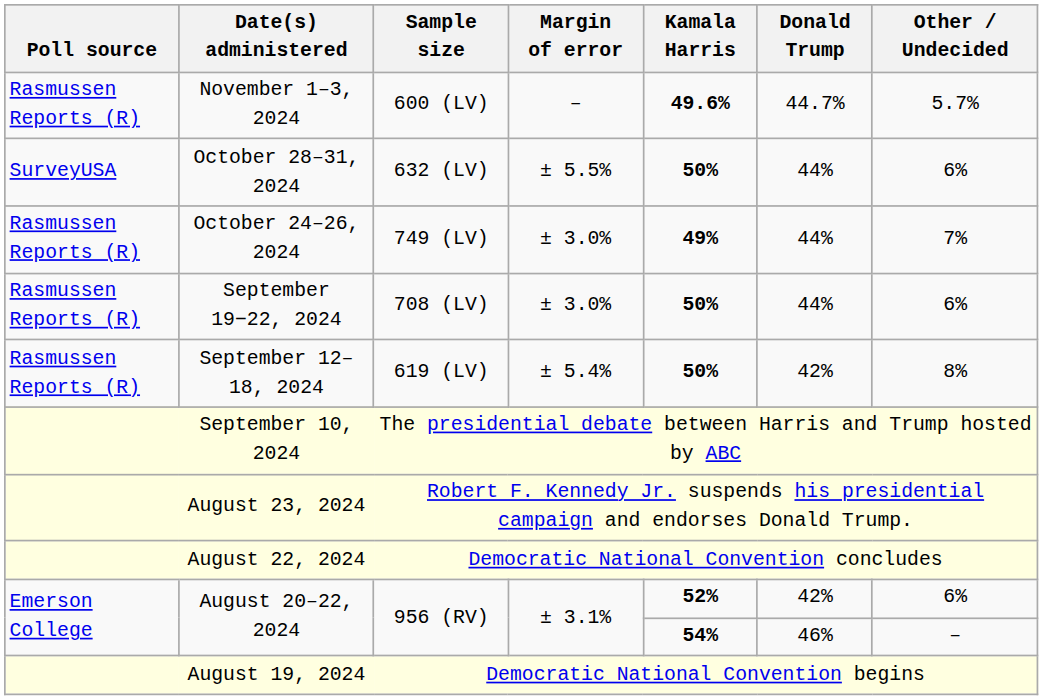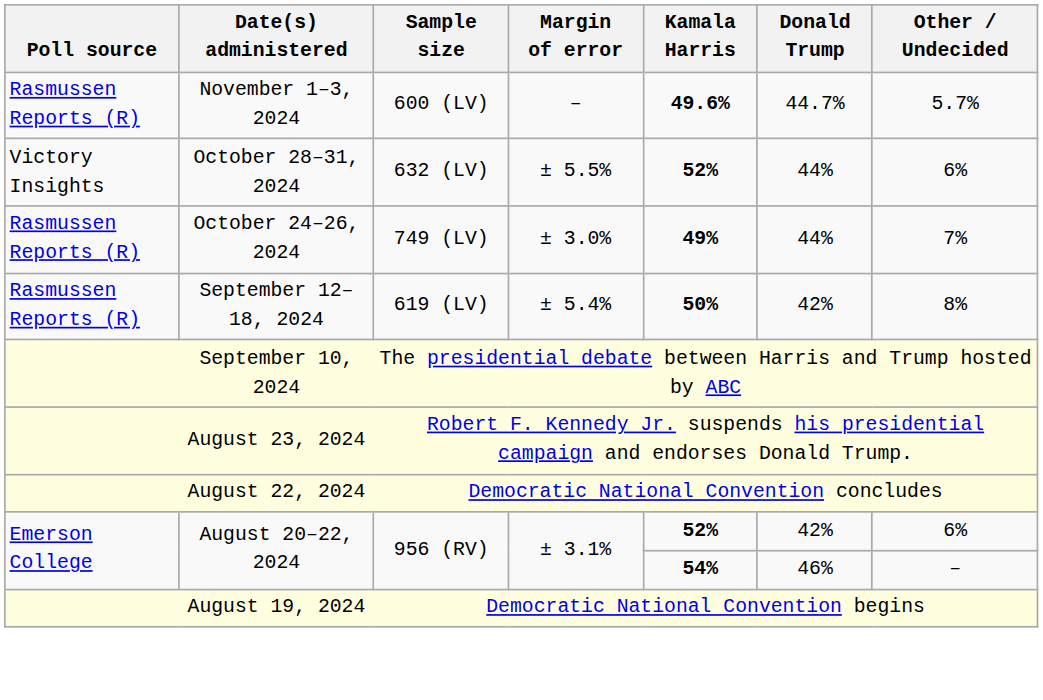 <table class="wikitable sortable mw-datatable" style="font-size:90%;text-align:center;line-height:17px">
 <tr valign=bottom>
 <th>Poll source</th>
 <th>Date(s)<br>administered</th>
 <th>Sample<br>size</th>
 <th>Margin<br>of error</th>
 <th class="unsortable">Kamala<br>Harris<br></th>
 <th class="unsortable">Donald<br>Trump<br></th>
 <th class="unsortable">Other /<br>Undecided</th>
 </tr>
 <tr>
 <td style="text-align:left;"><a href='#'>Rasmussen Reports (R)</a></td>
 <td data-sort-value="2024-10-31">November 1–3, 2024</td>
 <td>600 (LV)</td>
 <td>–</td>
 <td style="color:black;background-color:"><strong>49.6%</strong></td>
 <td>44.7%</td>
 <td>5.7%</td>
 </tr>
 <tr>
-<td style="text-align:left;"><a href='#'>SurveyUSA</a></td>
+<td style="text-align:left;">Victory Insights</td>
 <td data-sort-value="2024-10-31">October 28–31, 2024</td>
 <td>632 (LV)</td>
 <td>± 5.5%</td>
-<td style="color:black;background-color:"><strong>50%</strong></td>
+<td style="color:black;background-color:"><strong>52%</strong></td>
 <td>44%</td>
 <td>6%</td>
 </tr>
 <tr>
 <td style="text-align:left;"><a href='#'>Rasmussen Reports (R)</a></td>
 <td data-sort-value="2024-10-26">October 24–26, 2024</td>
 <td>749 (LV)</td>
 <td>± 3.0%</td>
 <td style="color:black;background-color:"><strong>49%</strong></td>
 <td>44%</td>
 <td>7%</td>
-</tr>
-<tr>
-<td style="text-align:left;"><a href='#'>Rasmussen Reports (R)</a></td>
-<td data-sort-value="2024-09-22">September 19−22, 2024</td>
-<td>708 (LV)</td>
-<td>± 3.0%</td>
-<td style="color:black;background-color:"><strong>50%</strong></td>
-<td>44%</td>
-<td>6%</td>
 </tr>
 <tr>
 <td style="text-align:left;"><a href='#'>Rasmussen Reports (R)</a></td>
 <td data-sort-value="2024-09-06">September 12–18, 2024</td>
 <td>619 (LV)</td>
 <td>± 5.4%</td>
 <td style="color:black;background-color:"><strong>50%</strong></td>
 <td>42%</td>
 <td>8%</td>
 </tr>
 <tr style="background:lightyellow;">
 <td style="border-right-style:hidden; background:lightyellow;"></td>
 <td style="border-right-style:hidden; " data-sort-value="2024-07-21">September 10, 2024</td>
 <td colspan="5">The <a href='#'>presidential debate</a> between Harris and Trump hosted by <a href='#'>ABC</a></td>
 </tr>
 <tr style="background:lightyellow;">
 <td style="border-right-style:hidden;"></td>
 <td style="border-right-style:hidden; " data-sort-value="2024-08-21">August 23, 2024</td>
 <td colspan="5"><a href='#'>Robert F. Kennedy Jr.</a> suspends <a href='#'>his presidential campaign</a> and endorses Donald Trump.</td>
 </tr>
 <tr style="background:lightyellow;">
 <td style="border-right-style:hidden;"></td>
 <td style="border-right-style:hidden; " data-sort-value="2024-08-22">August 22, 2024</td>
 <td colspan="5"><a href='#'>Democratic National Convention</a> concludes</td>
 </tr>
 <tr>
 <td style="text-align:left;" rowspan="2"><a href='#'>Emerson College</a></td>
 <td rowspan="2">August 20–22, 2024</td>
 <td rowspan="2">956 (RV)</td>
 <td rowspan="2">± 3.1%</td>
 <td style="color:black;background-color:"><strong>52%</strong></td>
 <td>42%</td>
 <td>6%</td>
 </tr>
 <tr>
 <td style="color:black;background-color:"><strong>54%</strong></td>
 <td>46%</td>
 <td>–</td>
 </tr>
 <tr style="background:lightyellow;">
 <td style="border-right-style:hidden;"></td>
 <td style="border-right-style:hidden; " data-sort-value="2024-08-19">August 19, 2024</td>
 <td colspan="5"><a href='#'>Democratic National Convention</a> begins</td>
 </tr>
 </table>
